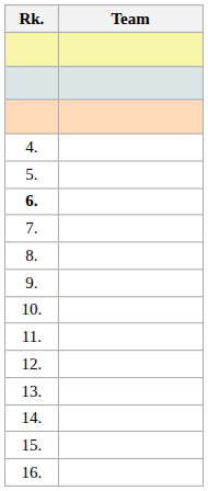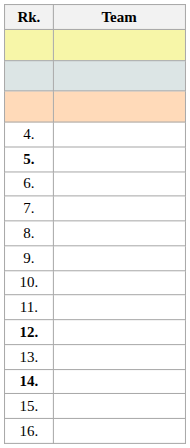 <table class="wikitable" style="border:1px solid #AAAAAA;font-size:90%">
 <tr bgcolor="#E4E4E4">
 <th style="border-bottom:1px solid #AAAAAA" width=40>Rk.</th>
 <th style="border-bottom:1px solid #AAAAAA" width=120>Team</th>
 </tr>
 <tr bgcolor="#F7F6A8">
 <td align="center" style="height:23px"></td>
 <td><strong></strong></td>
 </tr>
 <tr bgcolor="#DCE5E5">
 <td align="center" style="height:23px"></td>
 <td></td>
 </tr>
 <tr bgcolor="#FFDAB9">
 <td align="center" style="height:23px"></td>
 <td></td>
 </tr>
 <tr style="background:#ffffff;">
 <td align="center">4.</td>
 <td></td>
 </tr>
 <tr style="background:#ffffff;">
-<td align="center">5.</td>
+<td align="center"><strong>5.</strong></td>
 <td></td>
 </tr>
 <tr style="background:#ffffff;">
-<td align="center"><strong>6.</strong></td>
+<td align="center">6.</td>
 <td></td>
 </tr>
 <tr style="background:#ffffff;">
 <td align="center">7.</td>
 <td></td>
 </tr>
 <tr style="background:#ffffff;">
 <td align="center">8.</td>
 <td></td>
 </tr>
 <tr style="background:#ffffff;">
 <td align="center">9.</td>
 <td></td>
 </tr>
 <tr style="background:#ffffff;">
 <td align="center">10.</td>
 <td></td>
 </tr>
 <tr style="background:#ffffff;">
 <td align="center">11.</td>
 <td></td>
 </tr>
 <tr style="background:#ffffff;">
-<td align="center">12.</td>
+<td align="center"><strong>12.</strong></td>
 <td></td>
 </tr>
 <tr style="background:#ffffff;">
 <td align="center">13.</td>
 <td></td>
 </tr>
 <tr style="background:#ffffff;">
-<td align="center">14.</td>
+<td align="center"><strong>14.</strong></td>
 <td></td>
 </tr>
 <tr style="background:#ffffff;">
 <td align="center">15.</td>
 <td></td>
 </tr>
 <tr style="background:#ffffff;">
 <td align="center">16.</td>
 <td></td>
 </tr>
 </table>
